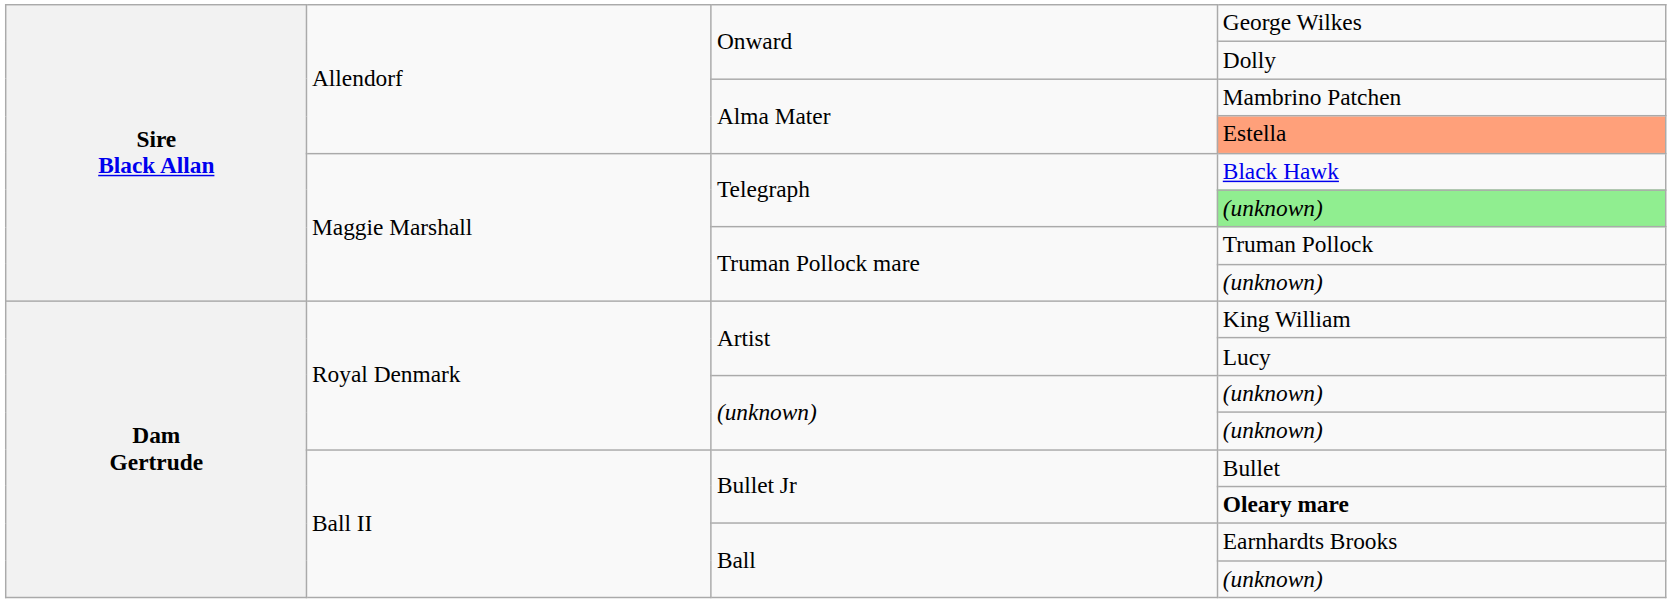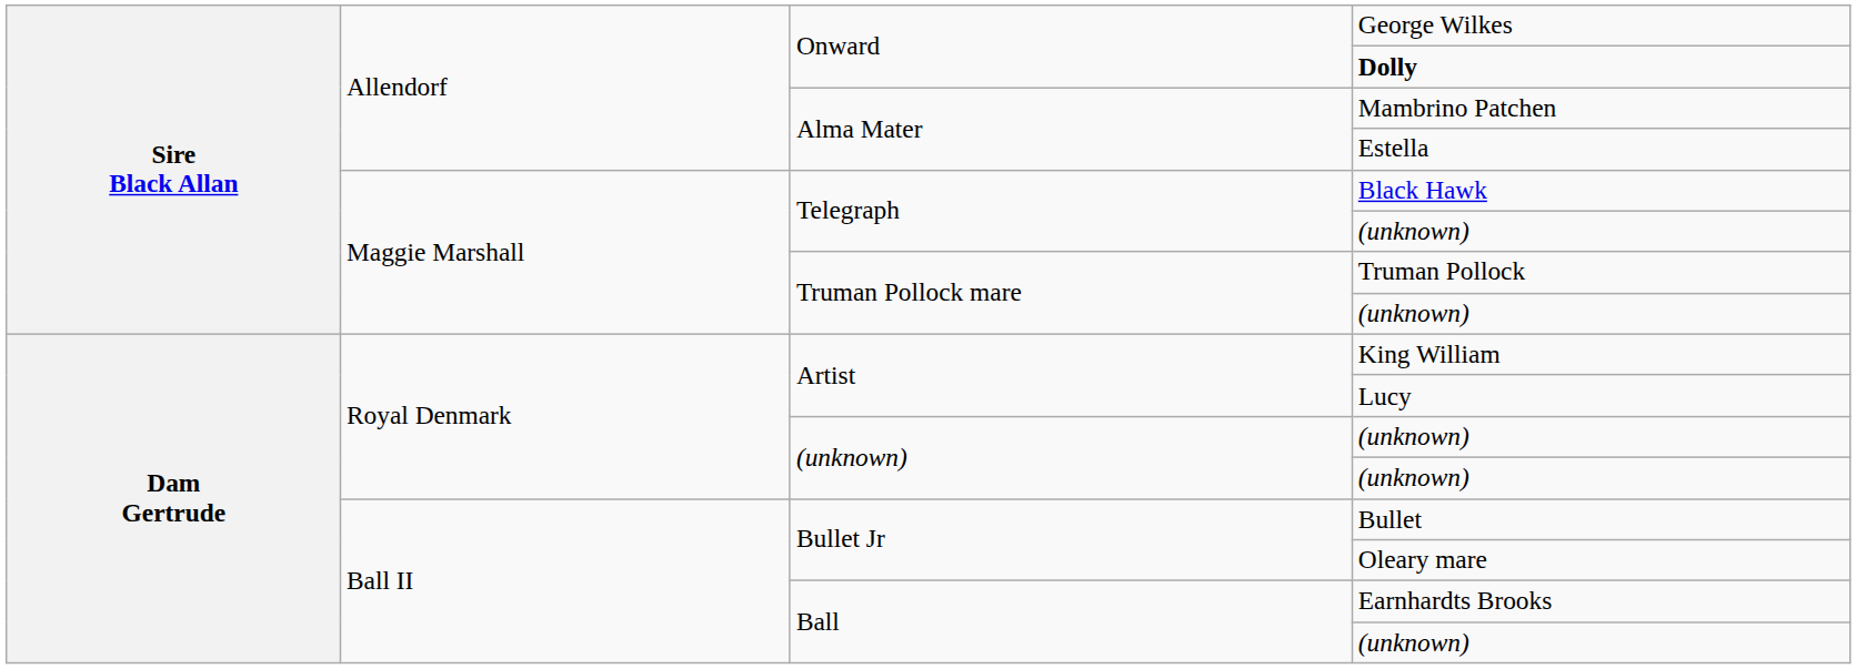 <table class="wikitable" style="clear:both; margin:0 auto; width:90%;">
 <tr>
 <th rowspan="8">Sire<br><a href='#'>Black Allan</a></th>
 <td rowspan="4">Allendorf</td>
 <td rowspan="2">Onward</td>
 <td>George Wilkes</td>
 </tr>
 <tr>
-<td>Dolly</td>
+<td><strong>Dolly</strong></td>
 </tr>
 <tr>
 <td rowspan="2">Alma Mater</td>
 <td>Mambrino Patchen</td>
 </tr>
 <tr>
-<td style="background: lightsalmon;">Estella</td>
+<td>Estella</td>
 </tr>
 <tr>
 <td rowspan="4">Maggie Marshall</td>
 <td rowspan="2">Telegraph</td>
 <td><a href='#'>Black Hawk</a></td>
 </tr>
 <tr>
-<td style="background: lightgreen;"><span><em>(unknown)</em></span></td>
+<td><span><em>(unknown)</em></span></td>
 </tr>
 <tr>
 <td rowspan="2">Truman Pollock mare</td>
 <td>Truman Pollock</td>
 </tr>
 <tr>
 <td><span><em>(unknown)</em></span></td>
 </tr>
 <tr>
 <th rowspan="8">Dam<br>Gertrude</th>
 <td rowspan="4">Royal Denmark</td>
 <td rowspan="2">Artist</td>
 <td>King William</td>
 </tr>
 <tr>
 <td>Lucy</td>
 </tr>
 <tr>
 <td rowspan="2"><span><em>(unknown)</em></span></td>
 <td><span><em>(unknown)</em></span></td>
 </tr>
 <tr>
 <td><span><em>(unknown)</em></span></td>
 </tr>
 <tr>
 <td rowspan="4">Ball II</td>
 <td rowspan="2">Bullet Jr</td>
 <td>Bullet</td>
 </tr>
 <tr>
-<td><strong>Oleary mare</strong></td>
+<td>Oleary mare</td>
 </tr>
 <tr>
 <td rowspan="2">Ball</td>
 <td>Earnhardts Brooks</td>
 </tr>
 <tr>
 <td><span><em>(unknown)</em></span></td>
 </tr>
 </table>
